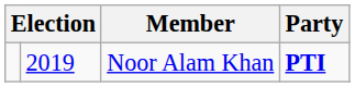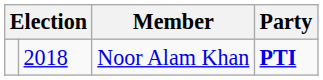 <table class="wikitable">
 <tr>
 <th colspan="2">Election</th>
 <th>Member</th>
 <th>Party</th>
 </tr>
 <tr>
 <td style="background-color: "></td>
-<td><a href='#'>2019</a></td>
+<td><a href='#'>2018</a></td>
 <td><a href='#'>Noor Alam Khan</a></td>
 <td><strong><a href='#'>PTI</a></strong></td>
 </tr>
 </table>
